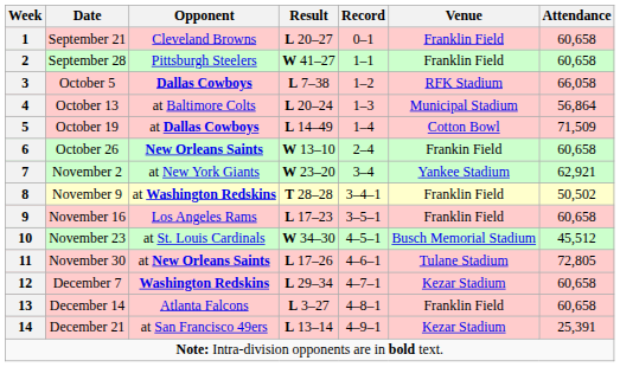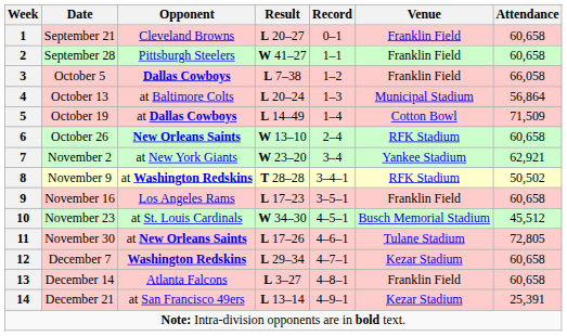 <table class="wikitable" style="text-align:center">
 <tr>
 <th>Week</th>
 <th>Date</th>
 <th>Opponent</th>
 <th>Result</th>
 <th>Record</th>
 <th>Venue</th>
 <th>Attendance</th>
 </tr>
 <tr style="background:#fcc">
 <th>1</th>
 <td>September 21</td>
 <td><a href='#'>Cleveland Browns</a></td>
 <td><strong>L</strong> 20–27</td>
 <td>0–1</td>
 <td><a href='#'>Franklin Field</a></td>
 <td>60,658</td>
 </tr>
 <tr style="background:#cfc">
 <th>2</th>
 <td>September 28</td>
 <td><a href='#'>Pittsburgh Steelers</a></td>
 <td><strong>W</strong> 41–27</td>
 <td>1–1</td>
 <td>Franklin Field</td>
 <td>60,658</td>
 </tr>
 <tr style="background:#fcc">
 <th>3</th>
 <td>October 5</td>
 <td><strong><a href='#'>Dallas Cowboys</a></strong></td>
 <td><strong>L</strong> 7–38</td>
 <td>1–2</td>
-<td><a href='#'>RFK Stadium</a></td>
+<td>Franklin Field</td>
 <td>66,058</td>
 </tr>
 <tr style="background:#fcc">
 <th>4</th>
 <td>October 13</td>
 <td>at <a href='#'>Baltimore Colts</a></td>
 <td><strong>L</strong> 20–24</td>
 <td>1–3</td>
 <td><a href='#'>Municipal Stadium</a></td>
 <td>56,864</td>
 </tr>
 <tr style="background:#fcc">
 <th>5</th>
 <td>October 19</td>
 <td>at <strong><a href='#'>Dallas Cowboys</a></strong></td>
 <td><strong>L</strong> 14–49</td>
 <td>1–4</td>
 <td><a href='#'>Cotton Bowl</a></td>
 <td>71,509</td>
 </tr>
 <tr style="background:#cfc">
 <th>6</th>
 <td>October 26</td>
 <td><strong><a href='#'>New Orleans Saints</a></strong></td>
 <td><strong>W</strong> 13–10</td>
 <td>2–4</td>
-<td>Frankin Field</td>
+<td><a href='#'>RFK Stadium</a></td>
 <td>60,658</td>
 </tr>
 <tr style="background:#cfc">
 <th>7</th>
 <td>November 2</td>
 <td>at <a href='#'>New York Giants</a></td>
 <td><strong>W</strong> 23–20</td>
 <td>3–4</td>
 <td><a href='#'>Yankee Stadium</a></td>
 <td>62,921</td>
 </tr>
 <tr style="background:#ffc">
 <th>8</th>
 <td>November 9</td>
 <td>at <strong><a href='#'>Washington Redskins</a></strong></td>
 <td><strong>T</strong> 28–28</td>
 <td>3–4–1</td>
-<td>Franklin Field</td>
+<td><a href='#'>RFK Stadium</a></td>
 <td>50,502</td>
 </tr>
 <tr style="background:#fcc">
 <th>9</th>
 <td>November 16</td>
 <td><a href='#'>Los Angeles Rams</a></td>
 <td><strong>L</strong> 17–23</td>
 <td>3–5–1</td>
 <td>Franklin Field</td>
 <td>60,658</td>
 </tr>
 <tr style="background:#cfc">
 <th>10</th>
 <td>November 23</td>
 <td>at <a href='#'>St. Louis Cardinals</a></td>
 <td><strong>W</strong> 34–30</td>
 <td>4–5–1</td>
 <td><a href='#'>Busch Memorial Stadium</a></td>
 <td>45,512</td>
 </tr>
 <tr style="background:#fcc">
 <th>11</th>
 <td>November 30</td>
 <td>at <strong><a href='#'>New Orleans Saints</a></strong></td>
 <td><strong>L</strong> 17–26</td>
 <td>4–6–1</td>
 <td><a href='#'>Tulane Stadium</a></td>
 <td>72,805</td>
 </tr>
 <tr style="background:#fcc">
 <th>12</th>
 <td>December 7</td>
 <td><strong><a href='#'>Washington Redskins</a></strong></td>
 <td><strong>L</strong> 29–34</td>
 <td>4–7–1</td>
 <td><a href='#'>Kezar Stadium</a></td>
 <td>60,658</td>
 </tr>
 <tr style="background:#fcc">
 <th>13</th>
 <td>December 14</td>
 <td><a href='#'>Atlanta Falcons</a></td>
 <td><strong>L</strong> 3–27</td>
 <td>4–8–1</td>
 <td>Franklin Field</td>
 <td>60,658</td>
 </tr>
 <tr style="background:#fcc">
 <th>14</th>
 <td>December 21</td>
 <td>at <a href='#'>San Francisco 49ers</a></td>
 <td><strong>L</strong> 13–14</td>
 <td>4–9–1</td>
 <td><a href='#'>Kezar Stadium</a></td>
 <td>25,391</td>
 </tr>
 <tr>
 <td colspan="8"><strong>Note:</strong> Intra-division opponents are in <strong>bold</strong> text.</td>
 </tr>
 </table>
